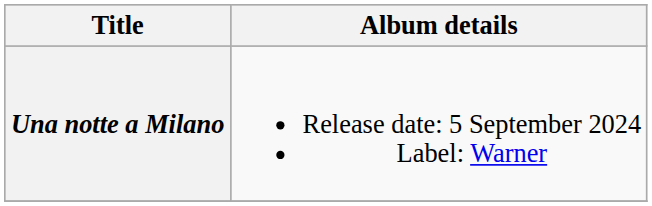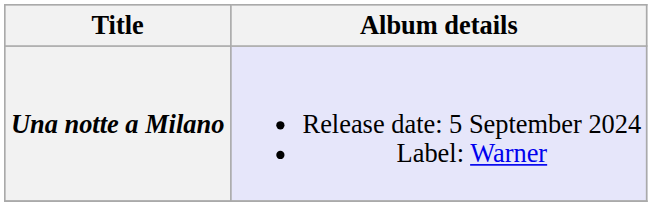 <table class="wikitable plainrowheaders" style="text-align:center;">
 <tr>
 <th scope="col">Title</th>
 <th scope="col">Album details</th>
 </tr>
 <tr>
 <th scope="row"><em>Una notte a Milano</em></th>
-<td><br><ul><li>Release date: 5 September 2024</li><li>Label: <a href='#'>Warner</a></li></ul></td>
+<td style="background: lavender;"><br><ul><li>Release date: 5 September 2024</li><li>Label: <a href='#'>Warner</a></li></ul></td>
 </tr>
 <tr>
 </tr>
 </table>
